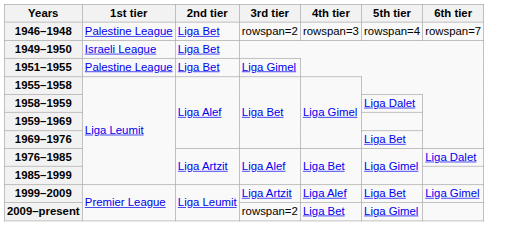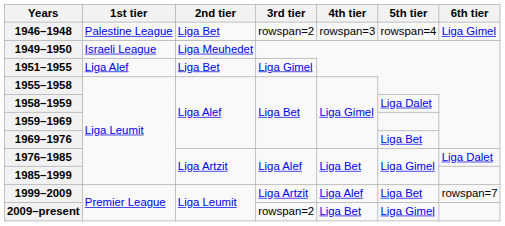 <table class=wikitable>
 <tr>
 <th>Years</th>
 <th>1st tier</th>
 <th>2nd tier</th>
 <th>3rd tier</th>
 <th>4th tier</th>
 <th>5th tier</th>
 <th>6th tier</th>
 </tr>
 <tr>
 <th>1946–1948</th>
 <td><a href='#'>Palestine League</a></td>
 <td><a href='#'>Liga Bet</a></td>
 <td>rowspan=2 </td>
 <td>rowspan=3 </td>
 <td>rowspan=4 </td>
-<td>rowspan=7 </td>
+<td><a href='#'>Liga Gimel</a></td>
 </tr>
 <tr>
 <th>1949–1950</th>
 <td><a href='#'>Israeli League</a></td>
-<td><a href='#'>Liga Bet</a></td>
+<td><a href='#'>Liga Meuhedet</a></td>
 </tr>
 <tr>
 <th>1951–1955</th>
-<td><a href='#'>Palestine League</a></td>
+<td><a href='#'>Liga Alef</a></td>
 <td><a href='#'>Liga Bet</a></td>
 <td><a href='#'>Liga Gimel</a></td>
 </tr>
 <tr>
 <th>1955–1958</th>
 <td rowspan=6><a href='#'>Liga Leumit</a></td>
 <td rowspan=4><a href='#'>Liga Alef</a></td>
 <td rowspan=4><a href='#'>Liga Bet</a></td>
 <td rowspan=4><a href='#'>Liga Gimel</a></td>
 </tr>
 <tr>
 <th>1958–1959</th>
 <td><a href='#'>Liga Dalet</a></td>
 </tr>
 <tr>
 <th>1959–1969</th>
 <td></td>
 </tr>
 <tr>
 <th>1969–1976</th>
 <td><a href='#'>Liga Bet</a></td>
 </tr>
 <tr>
 <th>1976–1985</th>
 <td rowspan=2><a href='#'>Liga Artzit</a></td>
 <td rowspan=2><a href='#'>Liga Alef</a></td>
 <td rowspan=2><a href='#'>Liga Bet</a></td>
 <td rowspan=2><a href='#'>Liga Gimel</a></td>
 <td><a href='#'>Liga Dalet</a></td>
 </tr>
 <tr>
 <th>1985–1999</th>
 <td></td>
 </tr>
 <tr>
 <th>1999–2009</th>
 <td rowspan=2><a href='#'>Premier League</a></td>
 <td rowspan=2><a href='#'>Liga Leumit</a></td>
 <td><a href='#'>Liga Artzit</a></td>
 <td><a href='#'>Liga Alef</a></td>
 <td><a href='#'>Liga Bet</a></td>
-<td><a href='#'>Liga Gimel</a></td>
+<td>rowspan=7 </td>
 </tr>
 <tr>
 <th>2009–present</th>
 <td>rowspan=2 </td>
 <td><a href='#'>Liga Bet</a></td>
 <td><a href='#'>Liga Gimel</a></td>
 <td></td>
 </tr>
 </table>
